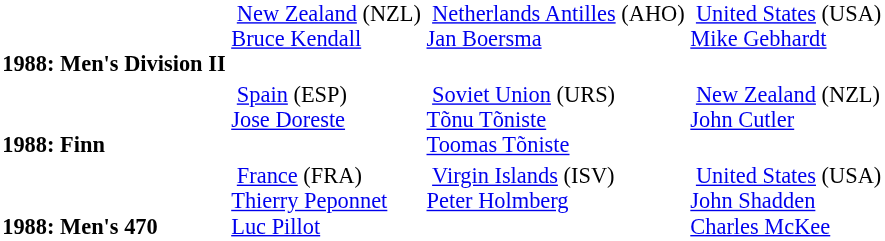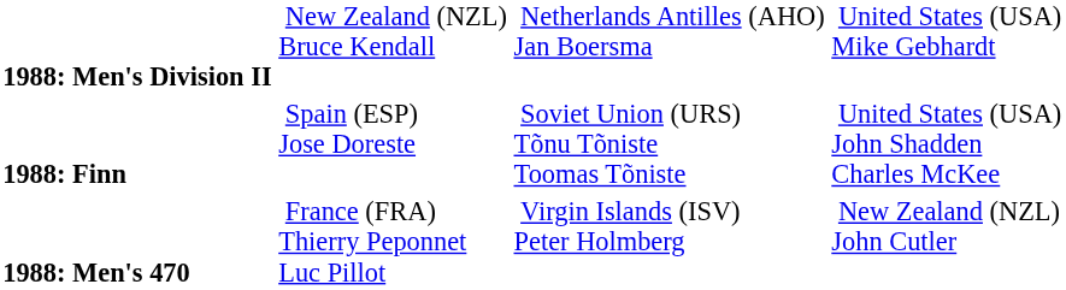 <table>
 <tr>
 <td style="align:center;"><br><br><strong>1988: Men's Division II</strong> <br></td>
 <td style="vertical-align:top;"> <a href='#'>New Zealand</a> <span>(NZL)</span><br><a href='#'>Bruce Kendall</a></td>
 <td style="vertical-align:top;"> <a href='#'>Netherlands Antilles</a> <span>(AHO)</span><br><a href='#'>Jan Boersma</a></td>
 <td style="vertical-align:top;"> <a href='#'>United States</a> <span>(USA)</span><br><a href='#'>Mike Gebhardt</a></td>
 </tr>
 <tr>
 <td style="align:center;"><br><br><strong>1988: Finn</strong> <br></td>
 <td style="vertical-align:top;"> <a href='#'>Spain</a> <span>(ESP)</span><br><a href='#'>Jose Doreste</a></td>
 <td style="vertical-align:top;"> <a href='#'>Soviet Union</a> <span>(URS)</span><br><a href='#'>Tõnu Tõniste</a><br><a href='#'>Toomas Tõniste</a></td>
-<td style="vertical-align:top;"> <a href='#'>New Zealand</a> <span>(NZL)</span><br><a href='#'>John Cutler</a></td>
+<td style="vertical-align:top;"> <a href='#'>United States</a> <span>(USA)</span><br><a href='#'>John Shadden</a><br><a href='#'>Charles McKee</a></td>
 </tr>
 <tr>
 <td style="align:center;"><br><br><strong>1988: Men's 470</strong> <br></td>
 <td style="vertical-align:top;"> <a href='#'>France</a> <span>(FRA)</span><br><a href='#'>Thierry Peponnet</a><br><a href='#'>Luc Pillot</a></td>
 <td style="vertical-align:top;"> <a href='#'>Virgin Islands</a> <span>(ISV)</span><br><a href='#'>Peter Holmberg</a></td>
-<td style="vertical-align:top;"> <a href='#'>United States</a> <span>(USA)</span><br><a href='#'>John Shadden</a><br><a href='#'>Charles McKee</a></td>
+<td style="vertical-align:top;"> <a href='#'>New Zealand</a> <span>(NZL)</span><br><a href='#'>John Cutler</a></td>
 </tr>
 </table>
